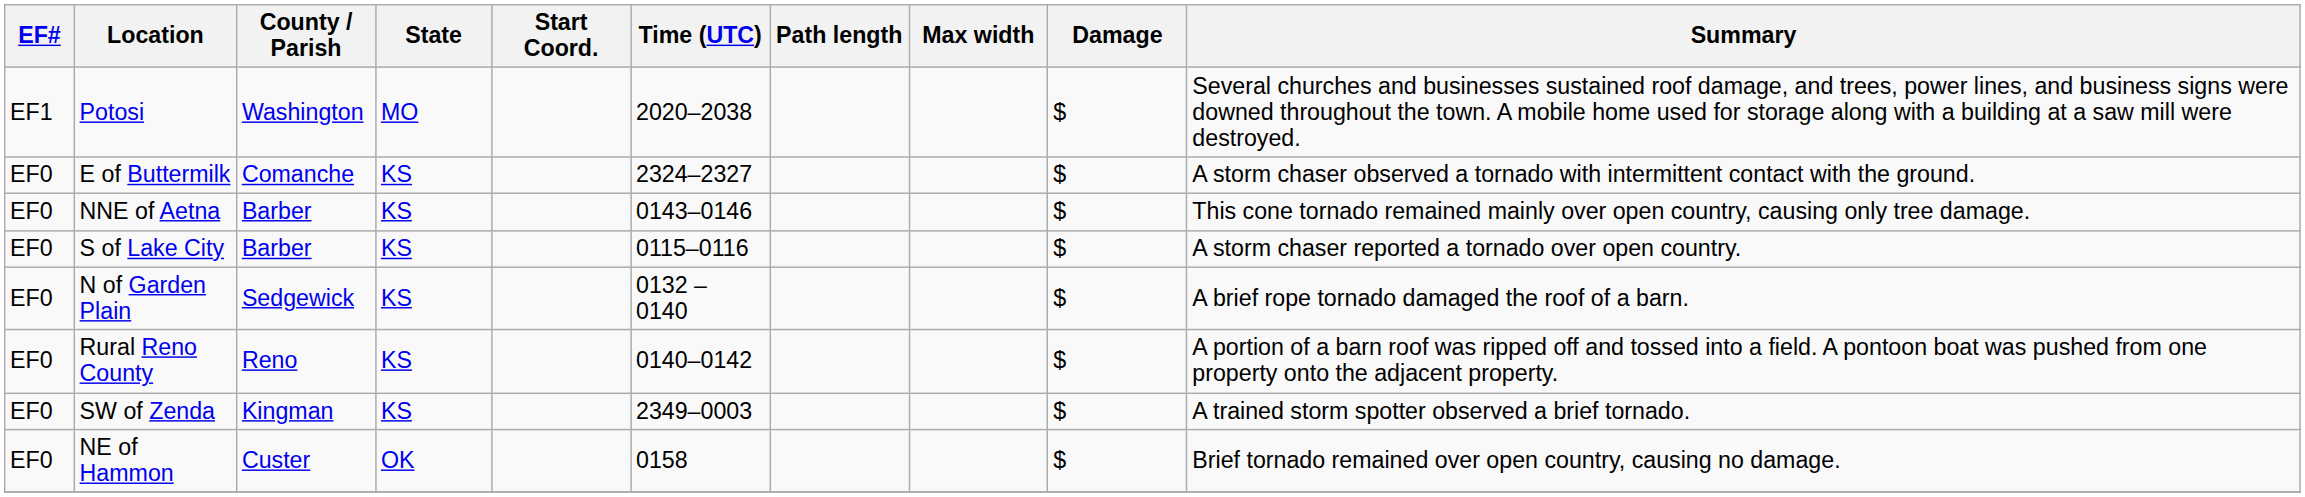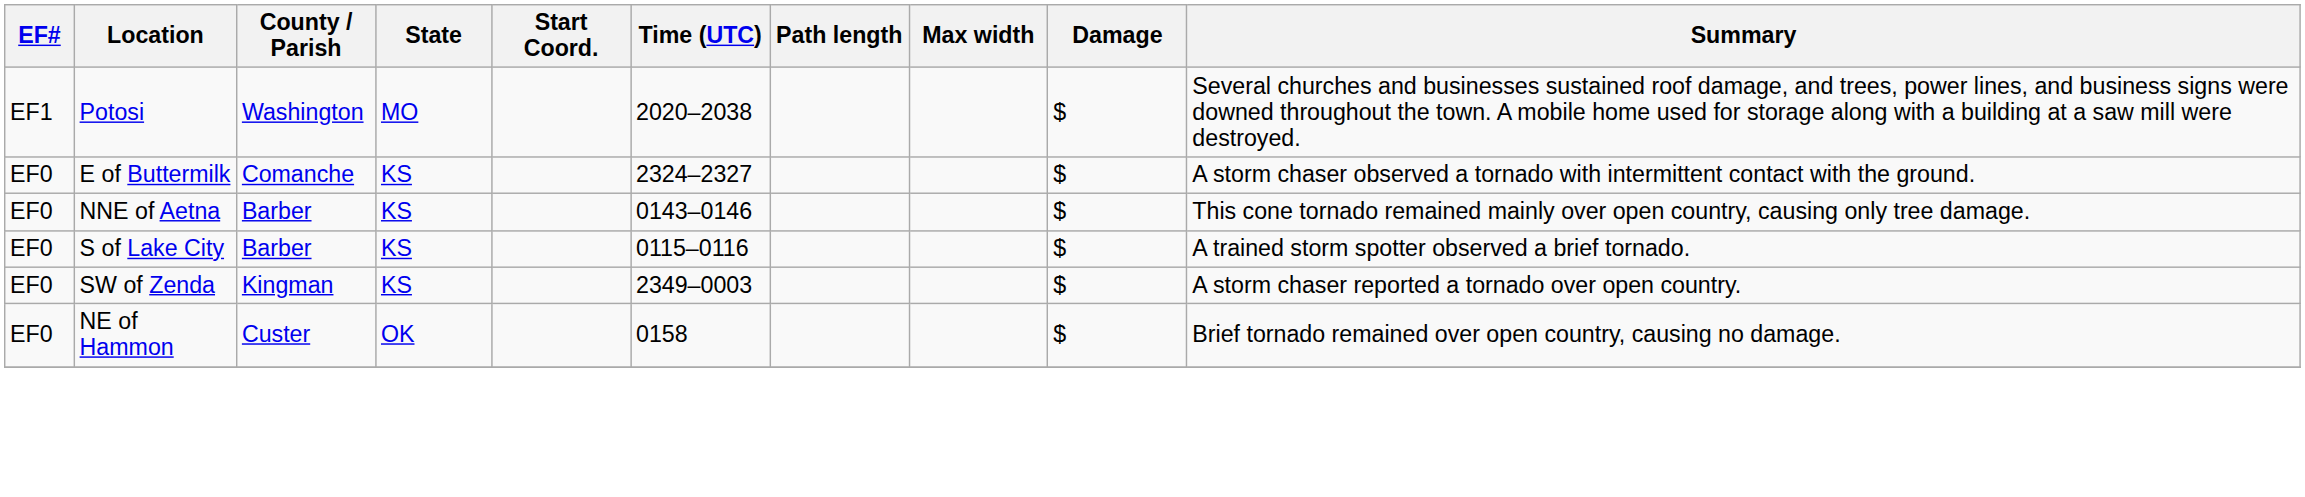 <table class="wikitable sortable" style="width:100%;">
 <tr>
 <th scope="col" width="3%" align="center"><a href='#'>EF#</a></th>
 <th scope="col" width="7%" align="center" class="unsortable">Location</th>
 <th scope="col" width="6%" align="center" class="unsortable">County / Parish</th>
 <th scope="col" width="5%" align="center">State</th>
 <th scope="col" width="6%" align="center">Start Coord.</th>
 <th scope="col" width="6%" align="center">Time (<a href='#'>UTC</a>)</th>
 <th scope="col" width="6%" align="center">Path length</th>
 <th scope="col" width="6%" align="center">Max width</th>
 <th scope="col" width="6%" align="center">Damage</th>
 <th scope="col" width="48%" class="unsortable" align="center">Summary</th>
 </tr>
 <tr>
 <td>EF1</td>
 <td><a href='#'>Potosi</a></td>
 <td><a href='#'>Washington</a></td>
 <td><a href='#'>MO</a></td>
 <td></td>
 <td>2020–2038</td>
 <td></td>
 <td></td>
 <td>$</td>
 <td>Several churches and businesses sustained roof damage, and trees, power lines, and business signs were downed throughout the town. A mobile home used for storage along with a building at a saw mill were destroyed.</td>
 </tr>
 <tr>
 <td>EF0</td>
 <td>E of <a href='#'>Buttermilk</a></td>
 <td><a href='#'>Comanche</a></td>
 <td><a href='#'>KS</a></td>
 <td></td>
 <td>2324–2327</td>
 <td></td>
 <td></td>
 <td>$</td>
 <td>A storm chaser observed a tornado with intermittent contact with the ground.</td>
 </tr>
 <tr>
 <td>EF0</td>
 <td>NNE of <a href='#'>Aetna</a></td>
 <td><a href='#'>Barber</a></td>
 <td><a href='#'>KS</a></td>
 <td></td>
 <td>0143–0146</td>
 <td></td>
 <td></td>
 <td>$</td>
 <td>This cone tornado remained mainly over open country, causing only tree damage.</td>
 </tr>
 <tr>
 <td>EF0</td>
 <td>S of <a href='#'>Lake City</a></td>
 <td><a href='#'>Barber</a></td>
 <td><a href='#'>KS</a></td>
 <td></td>
 <td>0115–0116</td>
 <td></td>
 <td></td>
 <td>$</td>
-<td>A storm chaser reported a tornado over open country.</td>
-</tr>
-<tr>
-<td>EF0</td>
-<td>N of <a href='#'>Garden Plain</a></td>
-<td><a href='#'>Sedgewick</a></td>
-<td><a href='#'>KS</a></td>
-<td></td>
-<td>0132 – 0140</td>
-<td></td>
-<td></td>
-<td>$</td>
-<td>A brief rope tornado damaged the roof of a barn.</td>
-</tr>
-<tr>
-<td>EF0</td>
-<td>Rural <a href='#'>Reno County</a></td>
-<td><a href='#'>Reno</a></td>
-<td><a href='#'>KS</a></td>
-<td></td>
-<td>0140–0142</td>
-<td></td>
-<td></td>
-<td>$</td>
-<td>A portion of a barn roof was ripped off and tossed into a field. A pontoon boat was pushed from one property onto the adjacent property.</td>
+<td>A trained storm spotter observed a brief tornado.</td>
 </tr>
 <tr>
 <td>EF0</td>
 <td>SW of <a href='#'>Zenda</a></td>
 <td><a href='#'>Kingman</a></td>
 <td><a href='#'>KS</a></td>
 <td></td>
 <td>2349–0003</td>
 <td></td>
 <td></td>
 <td>$</td>
-<td>A trained storm spotter observed a brief tornado.</td>
+<td>A storm chaser reported a tornado over open country.</td>
 </tr>
 <tr>
 <td>EF0</td>
 <td>NE of <a href='#'>Hammon</a></td>
 <td><a href='#'>Custer</a></td>
 <td><a href='#'>OK</a></td>
 <td></td>
 <td>0158</td>
 <td></td>
 <td></td>
 <td>$</td>
 <td>Brief tornado remained over open country, causing no damage.</td>
 </tr>
 <tr>
 </tr>
 </table>
